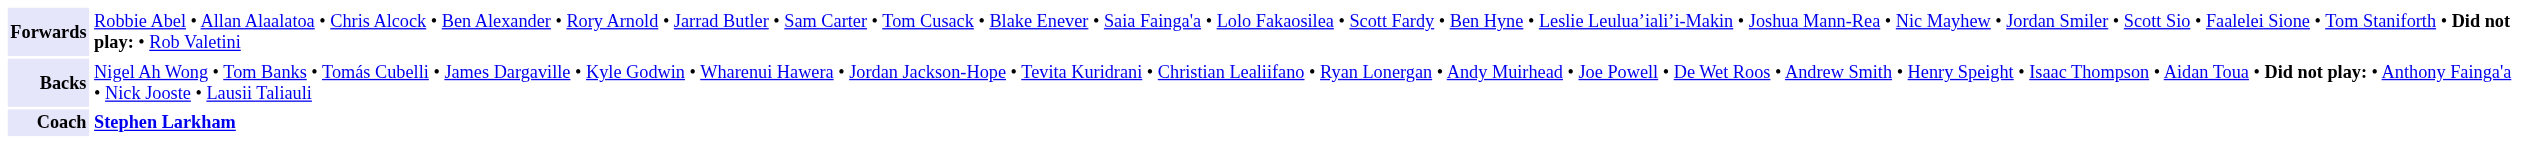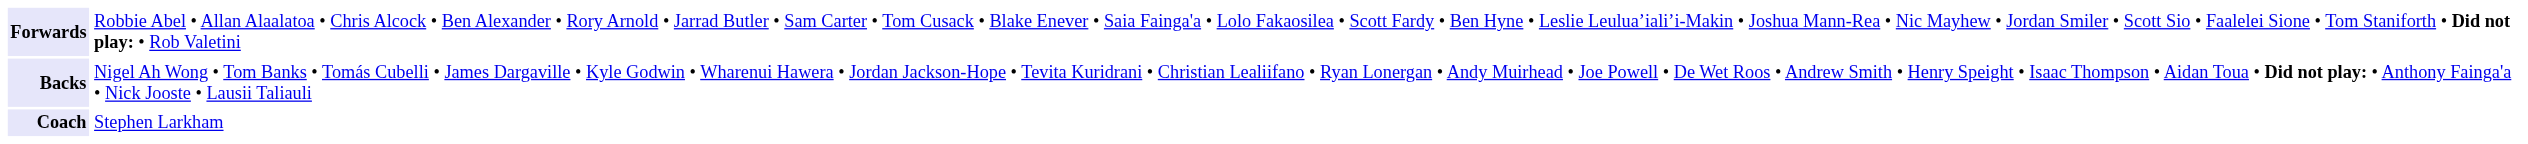 <table cellpadding="2" style="border: 1px solid white; font-size:90%;">
 <tr>
 <td style="text-align:right;" bgcolor="lavender"><strong>Forwards</strong></td>
 <td style="text-align:left;"><a href='#'>Robbie Abel</a> • <a href='#'>Allan Alaalatoa</a> • <a href='#'>Chris Alcock</a> • <a href='#'>Ben Alexander</a> • <a href='#'>Rory Arnold</a> • <a href='#'>Jarrad Butler</a> • <a href='#'>Sam Carter</a> • <a href='#'>Tom Cusack</a> • <a href='#'>Blake Enever</a> • <a href='#'>Saia Fainga'a</a> • <a href='#'>Lolo Fakaosilea</a> • <a href='#'>Scott Fardy</a> • <a href='#'>Ben Hyne</a> • <a href='#'>Leslie Leulua’iali’i-Makin</a> • <a href='#'>Joshua Mann-Rea</a> • <a href='#'>Nic Mayhew</a> • <a href='#'>Jordan Smiler</a> • <a href='#'>Scott Sio</a> • <a href='#'>Faalelei Sione</a> • <a href='#'>Tom Staniforth</a> •  <strong>Did not play:</strong> • <a href='#'>Rob Valetini</a></td>
 </tr>
 <tr>
 <td style="text-align:right;" bgcolor="lavender"><strong>Backs</strong></td>
 <td style="text-align:left;"><a href='#'>Nigel Ah Wong</a> • <a href='#'>Tom Banks</a> • <a href='#'>Tomás Cubelli</a> • <a href='#'>James Dargaville</a> • <a href='#'>Kyle Godwin</a> • <a href='#'>Wharenui Hawera</a> • <a href='#'>Jordan Jackson-Hope</a> • <a href='#'>Tevita Kuridrani</a> • <a href='#'>Christian Lealiifano</a> • <a href='#'>Ryan Lonergan</a> • <a href='#'>Andy Muirhead</a> • <a href='#'>Joe Powell</a> • <a href='#'>De Wet Roos</a> • <a href='#'>Andrew Smith</a> • <a href='#'>Henry Speight</a> • <a href='#'>Isaac Thompson</a> • <a href='#'>Aidan Toua</a> • <strong>Did not play:</strong> • <a href='#'>Anthony Fainga'a</a> • <a href='#'>Nick Jooste</a> • <a href='#'>Lausii Taliauli</a></td>
 </tr>
 <tr>
 <td style="text-align:right;" bgcolor="lavender"><strong>Coach</strong></td>
-<td style="text-align:left;"><strong><a href='#'>Stephen Larkham</a></strong></td>
+<td style="text-align:left;"><a href='#'>Stephen Larkham</a></td>
 </tr>
 </table>
